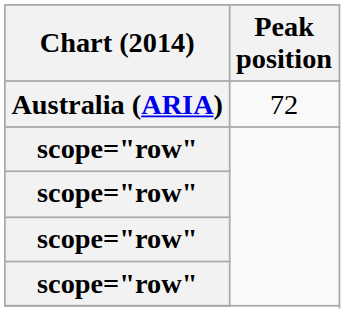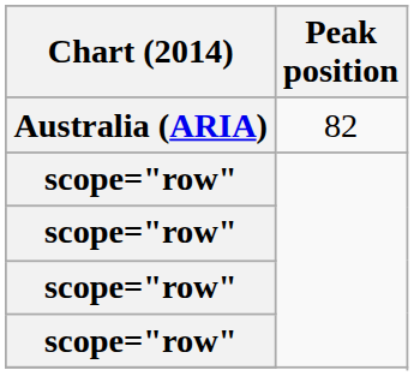 <table class="wikitable plainrowheaders sortable" style="text-align:center;">
 <tr>
 <th scope="col">Chart (2014)</th>
 <th scope="col">Peak<br>position</th>
 </tr>
 <tr>
 <th scope="row">Australia (<a href='#'>ARIA</a>)</th>
-<td>72</td>
+<td>82</td>
 </tr>
 <tr>
 <th>scope="row" </th>
 </tr>
 <tr>
 <th>scope="row" </th>
 </tr>
 <tr>
 <th>scope="row" </th>
 </tr>
 <tr>
 <th>scope="row" </th>
 </tr>
 <tr>
 </tr>
 </table>
